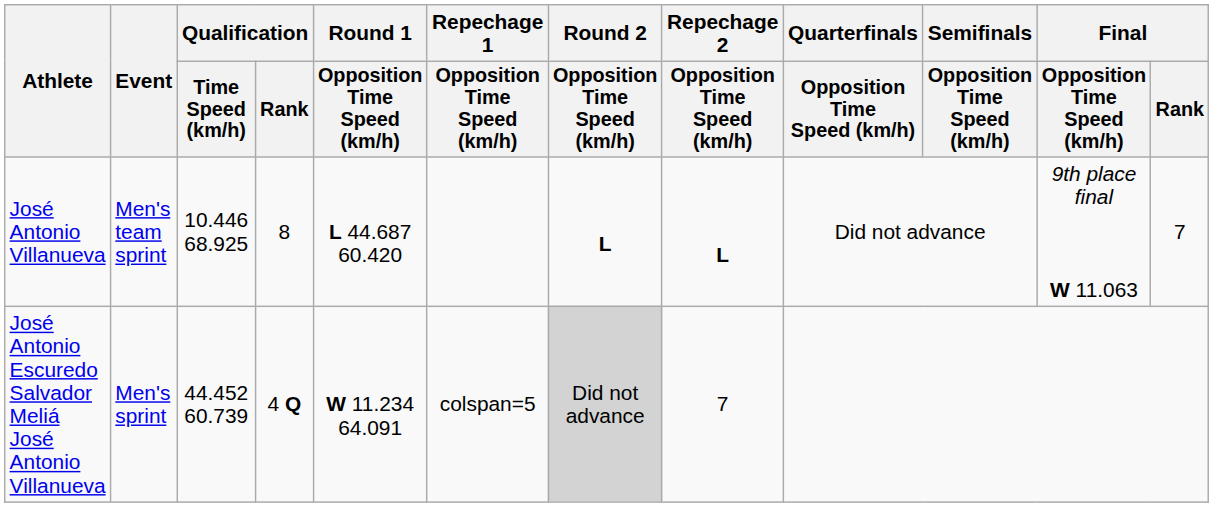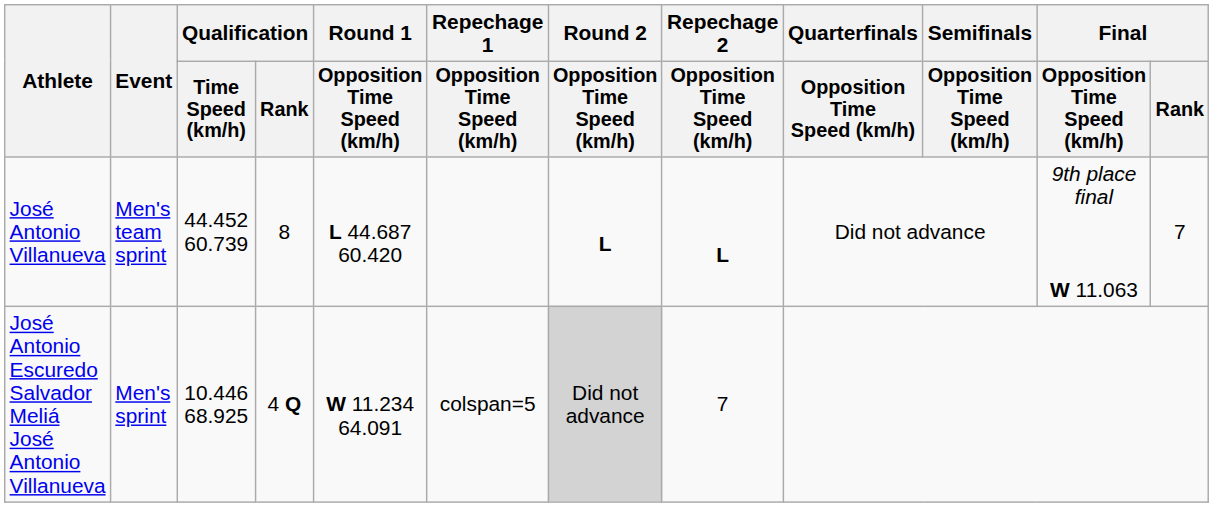 <table class="wikitable" style="font-size:90%">
 <tr>
 <th rowspan="2">Athlete</th>
 <th rowspan="2">Event</th>
 <th colspan=2>Qualification</th>
 <th>Round 1</th>
 <th>Repechage 1</th>
 <th>Round 2</th>
 <th>Repechage 2</th>
 <th>Quarterfinals</th>
 <th>Semifinals</th>
 <th colspan=2>Final</th>
 </tr>
 <tr style="font-size:95%">
 <th>Time<br>Speed (km/h)</th>
 <th>Rank</th>
 <th>Opposition<br>Time<br>Speed (km/h)</th>
 <th>Opposition<br>Time<br>Speed (km/h)</th>
 <th>Opposition<br>Time<br>Speed (km/h)</th>
 <th>Opposition<br>Time<br>Speed (km/h)</th>
 <th>Opposition<br>Time<br>Speed (km/h)</th>
 <th>Opposition<br>Time<br>Speed (km/h)</th>
 <th>Opposition<br>Time<br>Speed (km/h)</th>
 <th>Rank</th>
 </tr>
 <tr align=center>
 <td align=left><a href='#'>José Antonio Villanueva</a></td>
 <td align=left><a href='#'>Men's team sprint</a></td>
-<td>10.446<br>68.925</td>
+<td>44.452<br>60.739</td>
 <td>8</td>
 <td><br><strong>L</strong> 44.687<br>60.420</td>
 <td></td>
 <td><br><strong>L</strong></td>
 <td><br><br><strong>L</strong> </td>
 <td colspan=2>Did not advance</td>
 <td><em>9th place final</em><br><br><br><br><strong>W</strong> 11.063</td>
 <td>7</td>
 </tr>
 <tr align=center>
 <td align=left><a href='#'>José Antonio Escuredo</a><br><a href='#'>Salvador Meliá</a><br><a href='#'>José Antonio Villanueva</a></td>
 <td align=left><a href='#'>Men's sprint</a></td>
-<td>44.452<br>60.739</td>
+<td>10.446<br>68.925</td>
 <td>4 <strong>Q</strong></td>
 <td><br><strong>W</strong> 11.234<br>64.091</td>
 <td>colspan=5 </td>
 <td style="background: lightgrey;">Did not advance</td>
 <td>7</td>
 </tr>
 </table>
